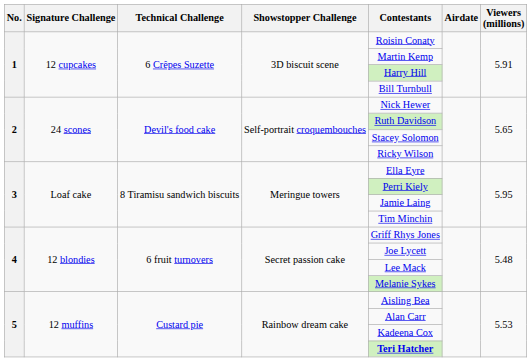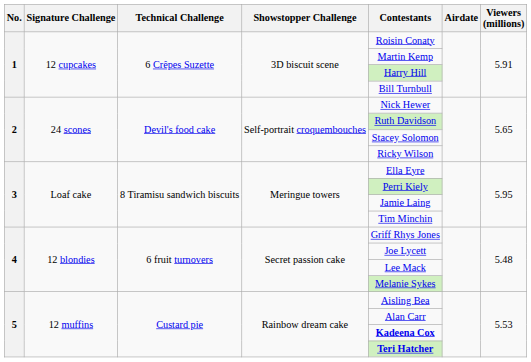 <table class="wikitable" style="text-align:center;">
 <tr>
 <th scope="col">No.</th>
 <th scope="col">Signature Challenge</th>
 <th scope="col">Technical Challenge</th>
 <th scope="col">Showstopper Challenge</th>
 <th scope="col">Contestants</th>
 <th scope="col">Airdate</th>
 <th scope="col">Viewers<br>(millions)</th>
 </tr>
 <tr>
 <th scope="rowgroup" rowspan=4>1</th>
 <td rowspan=4>12 <a href='#'>cupcakes</a></td>
 <td rowspan=4>6 <a href='#'>Crêpes Suzette</a></td>
 <td rowspan=4>3D biscuit scene</td>
 <td><a href='#'>Roisin Conaty</a></td>
 <td rowspan=4></td>
 <td rowspan=4>5.91</td>
 </tr>
 <tr>
 <td><a href='#'>Martin Kemp</a></td>
 </tr>
 <tr style="background:#d0f0c0">
 <td><a href='#'>Harry Hill</a></td>
 </tr>
 <tr>
 <td><a href='#'>Bill Turnbull</a></td>
 </tr>
 <tr>
 <th scope="rowgroup" rowspan=4>2</th>
 <td rowspan=4>24 <a href='#'>scones</a></td>
 <td rowspan=4><a href='#'>Devil's food cake</a></td>
 <td rowspan=4>Self-portrait <a href='#'>croquembouches</a></td>
 <td><a href='#'>Nick Hewer</a></td>
 <td rowspan=4></td>
 <td rowspan=4>5.65</td>
 </tr>
 <tr style="background:#d0f0c0">
 <td><a href='#'>Ruth Davidson</a></td>
 </tr>
 <tr>
 <td><a href='#'>Stacey Solomon</a></td>
 </tr>
 <tr>
 <td><a href='#'>Ricky Wilson</a></td>
 </tr>
 <tr>
 <th scope="rowgroup" rowspan=4>3</th>
 <td rowspan=4>Loaf cake</td>
 <td rowspan=4>8 Tiramisu sandwich biscuits</td>
 <td rowspan=4>Meringue towers</td>
 <td><a href='#'>Ella Eyre</a></td>
 <td rowspan=4></td>
 <td rowspan=4>5.95</td>
 </tr>
 <tr style="background:#d0f0c0">
 <td><a href='#'>Perri Kiely</a></td>
 </tr>
 <tr>
 <td><a href='#'>Jamie Laing</a></td>
 </tr>
 <tr>
 <td><a href='#'>Tim Minchin</a></td>
 </tr>
 <tr>
 <th scope="rowgroup" rowspan=4>4</th>
 <td rowspan=4>12 <a href='#'>blondies</a></td>
 <td rowspan=4>6 fruit <a href='#'>turnovers</a></td>
 <td rowspan=4>Secret passion cake</td>
 <td><a href='#'>Griff Rhys Jones</a></td>
 <td rowspan=4></td>
 <td rowspan=4>5.48</td>
 </tr>
 <tr>
 <td><a href='#'>Joe Lycett</a></td>
 </tr>
 <tr>
 <td><a href='#'>Lee Mack</a></td>
 </tr>
 <tr style="background:#d0f0c0">
 <td><a href='#'>Melanie Sykes</a></td>
 </tr>
 <tr>
 <th scope="rowgroup" rowspan=4>5</th>
 <td rowspan=4>12 <a href='#'>muffins</a></td>
 <td rowspan=4><a href='#'>Custard pie</a></td>
 <td rowspan=4>Rainbow dream cake</td>
 <td><a href='#'>Aisling Bea</a></td>
 <td rowspan=4></td>
 <td rowspan=4>5.53</td>
 </tr>
 <tr>
 <td><a href='#'>Alan Carr</a></td>
 </tr>
 <tr>
-<td><a href='#'>Kadeena Cox</a></td>
+<td><strong><a href='#'>Kadeena Cox</a></strong></td>
 </tr>
 <tr style="background:#d0f0c0">
 <td><strong><a href='#'>Teri Hatcher</a></strong></td>
 </tr>
 </table>
